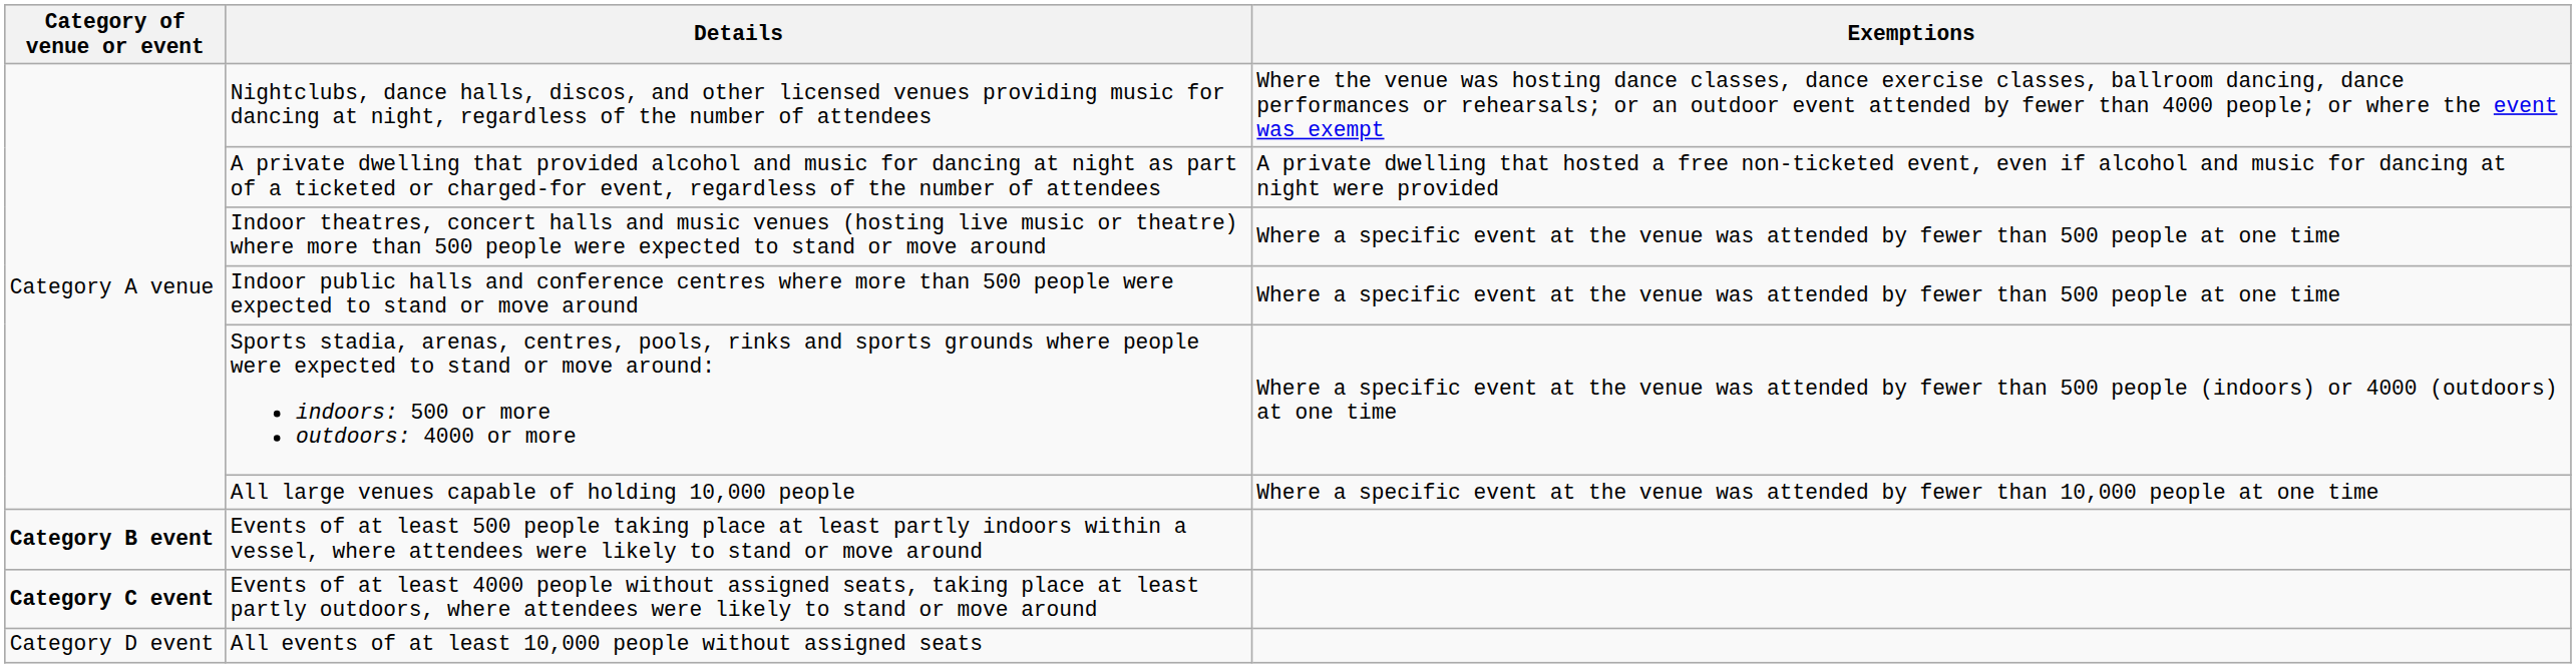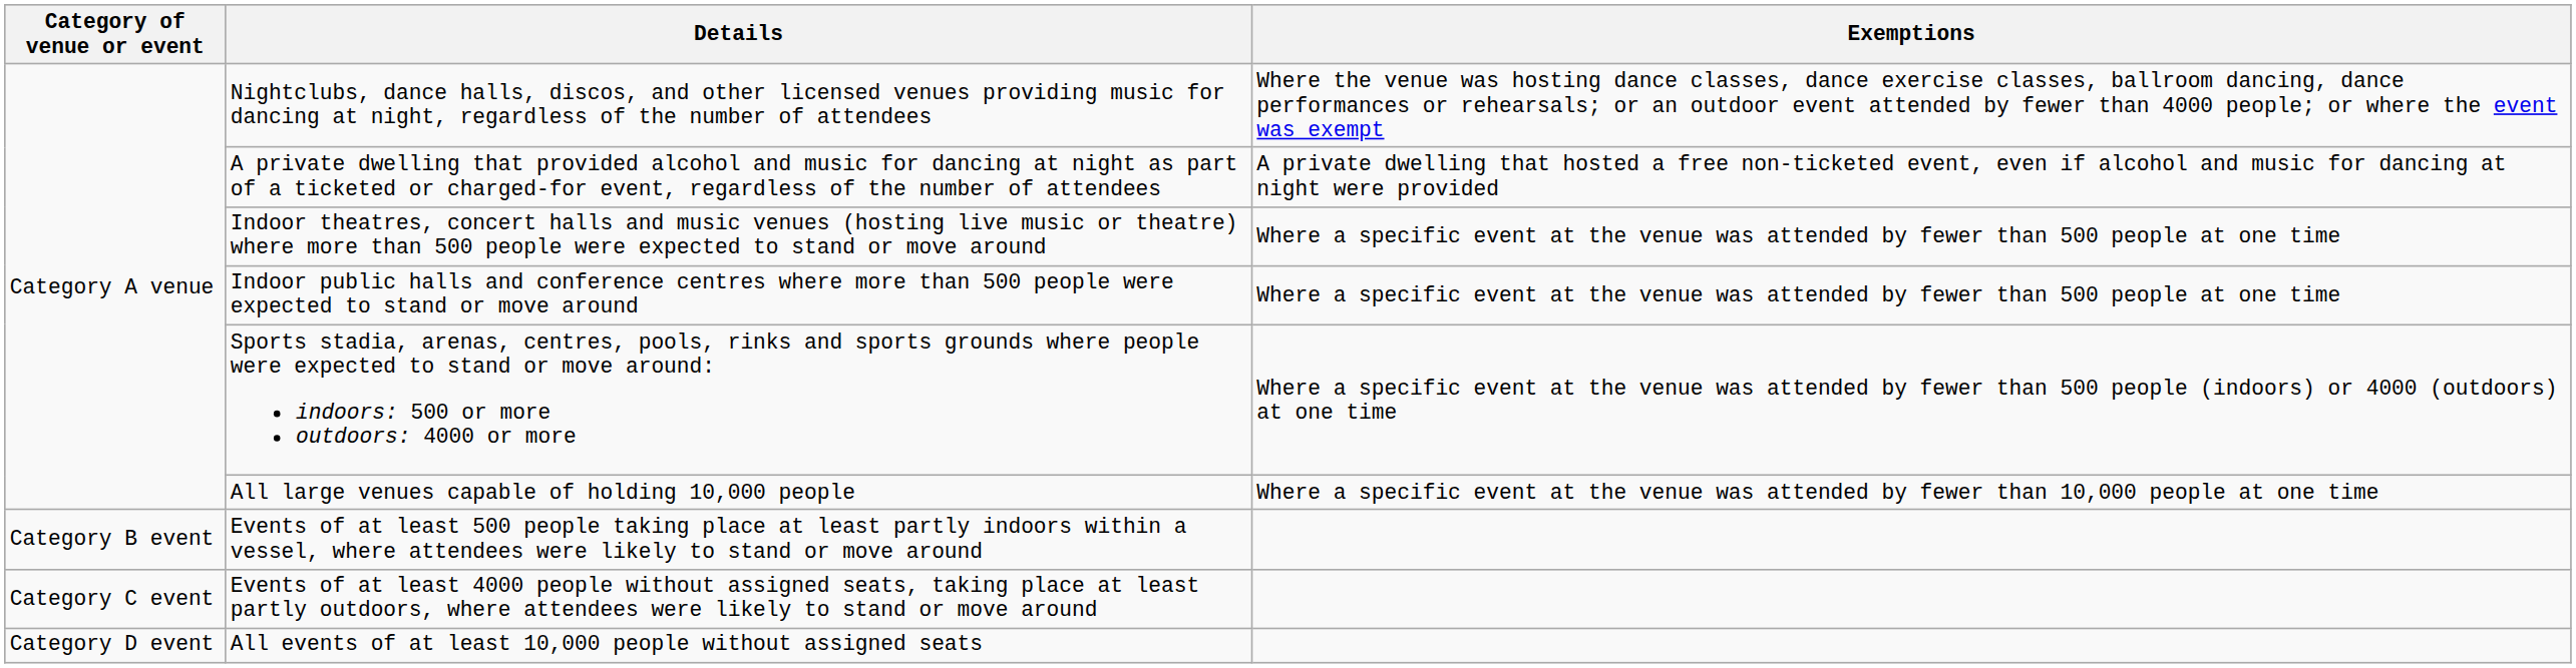 <table class="wikitable">
 <tr>
 <th>Category of venue or event</th>
 <th>Details</th>
 <th>Exemptions</th>
 </tr>
 <tr>
 <td rowspan="6">Category A venue</td>
 <td>Nightclubs, dance halls, discos, and other licensed venues providing music for dancing at night, regardless of the number of attendees</td>
 <td>Where the venue was hosting dance classes, dance exercise classes, ballroom dancing, dance performances or rehearsals; or an outdoor event attended by fewer than 4000 people; or where the <a href='#'>event was exempt</a></td>
 </tr>
 <tr>
 <td>A private dwelling that provided alcohol and music for dancing at night as part of a ticketed or charged-for event, regardless of the number of attendees</td>
 <td>A private dwelling that hosted a free non-ticketed event, even if alcohol and music for dancing at night were provided</td>
 </tr>
 <tr>
 <td>Indoor theatres, concert halls and  music venues (hosting live music or theatre) where more than 500 people were expected to stand or move around</td>
 <td>Where a specific event at the venue was attended by fewer than 500 people at one time</td>
 </tr>
 <tr>
 <td>Indoor public halls and conference centres where more than 500 people were expected to stand or move around</td>
 <td>Where a specific event at the venue was attended by fewer than 500 people at one time</td>
 </tr>
 <tr>
 <td>Sports stadia, arenas, centres, pools, rinks and sports grounds where people were expected to stand or move around:<br><ul><li><em>indoors:</em>  500 or more</li><li><em>outdoors:</em> 4000 or more</li></ul></td>
 <td>Where a specific event at the venue was attended by fewer than 500 people  (indoors) or 4000 (outdoors) at one time</td>
 </tr>
 <tr>
 <td>All large venues capable of holding 10,000 people</td>
 <td>Where a specific event at the venue was attended by fewer than 10,000 people at one time</td>
 </tr>
 <tr>
-<td><strong>Category B event</strong></td>
+<td>Category B event</td>
 <td>Events of at least 500 people taking place at least partly indoors within a vessel, where attendees were likely to stand or move around</td>
 <td></td>
 </tr>
 <tr>
-<td><strong>Category C event</strong></td>
+<td>Category C event</td>
 <td>Events of at least 4000 people without assigned seats, taking place at least partly outdoors, where attendees were likely to stand or move around</td>
 <td></td>
 </tr>
 <tr>
 <td>Category D event</td>
 <td>All events of at least 10,000 people without assigned seats</td>
 <td></td>
 </tr>
 </table>
